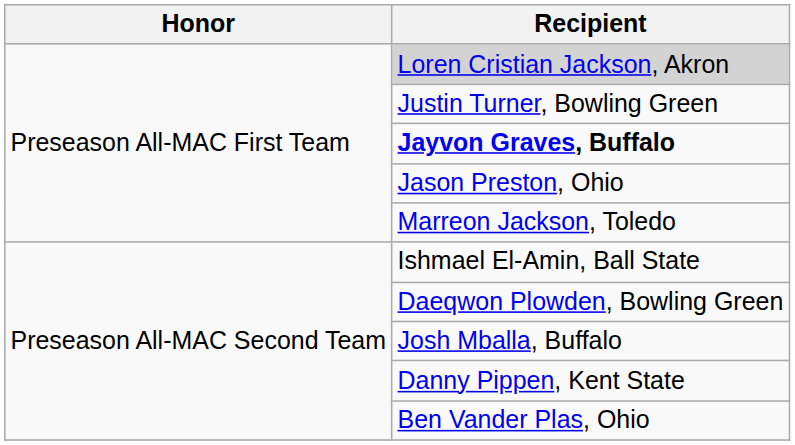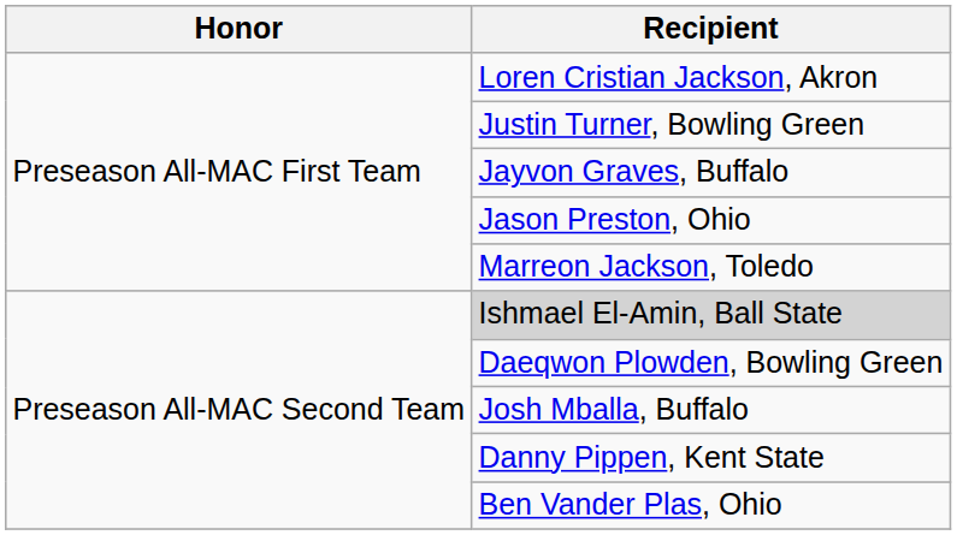 <table class="wikitable" border="1">
 <tr>
 <th>Honor</th>
 <th>Recipient</th>
 </tr>
 <tr>
 <td rowspan=5 valign=middle>Preseason All-MAC First Team</td>
-<td style="background: lightgrey;"><a href='#'>Loren Cristian Jackson</a>, Akron</td>
+<td><a href='#'>Loren Cristian Jackson</a>, Akron</td>
 </tr>
 <tr>
 <td><a href='#'>Justin Turner</a>, Bowling Green</td>
 </tr>
 <tr>
-<td><strong><a href='#'>Jayvon Graves</a>, Buffalo</strong></td>
+<td><a href='#'>Jayvon Graves</a>, Buffalo</td>
 </tr>
 <tr>
 <td><a href='#'>Jason Preston</a>, Ohio</td>
 </tr>
 <tr>
 <td><a href='#'>Marreon Jackson</a>, Toledo</td>
 </tr>
 <tr>
 <td rowspan=6 valign=middle>Preseason All-MAC Second Team</td>
-<td>Ishmael El-Amin, Ball State</td>
+<td style="background: lightgrey;">Ishmael El-Amin, Ball State</td>
 </tr>
 <tr>
 <td><a href='#'>Daeqwon Plowden</a>, Bowling Green</td>
 </tr>
 <tr>
 <td><a href='#'>Josh Mballa</a>, Buffalo</td>
 </tr>
 <tr>
 <td><a href='#'>Danny Pippen</a>, Kent State</td>
 </tr>
 <tr>
 <td><a href='#'>Ben Vander Plas</a>, Ohio</td>
 </tr>
 </table>
